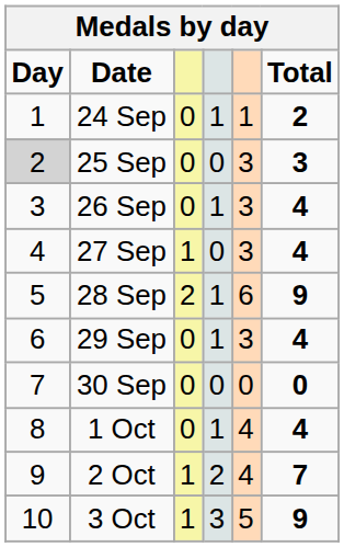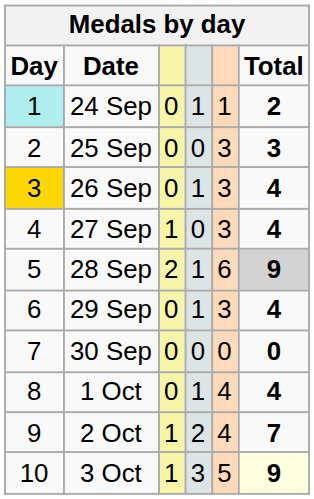 <table class=wikitable style="font-size:85%; text-align:center;float:right;clear:right;margin-left:1em;">
 <tr>
 <th colspan=7>Medals by day</th>
 </tr>
 <tr>
 <td><strong>Day</strong></td>
 <td><strong>Date</strong></td>
 <td bgcolor=F7F6A8></td>
 <td bgcolor=DCE5E5></td>
 <td bgcolor=FFDAB9></td>
 <td><strong>Total</strong></td>
 </tr>
 <tr>
-<td>1</td>
+<td style="background: paleturquoise;">1</td>
 <td>24 Sep</td>
 <td bgcolor=F7F6A8>0</td>
 <td bgcolor=DCE5E5>1</td>
 <td bgcolor=FFDAB9>1</td>
 <td><strong>2</strong></td>
 </tr>
 <tr>
-<td style="background: lightgrey;">2</td>
+<td>2</td>
 <td>25 Sep</td>
 <td bgcolor=F7F6A8>0</td>
 <td bgcolor=DCE5E5>0</td>
 <td bgcolor=FFDAB9>3</td>
 <td><strong>3</strong></td>
 </tr>
 <tr>
-<td>3</td>
+<td style="background: gold;">3</td>
 <td>26 Sep</td>
 <td bgcolor=F7F6A8>0</td>
 <td bgcolor=DCE5E5>1</td>
 <td bgcolor=FFDAB9>3</td>
 <td><strong>4</strong></td>
 </tr>
 <tr>
 <td>4</td>
 <td>27 Sep</td>
 <td bgcolor=F7F6A8>1</td>
 <td bgcolor=DCE5E5>0</td>
 <td bgcolor=FFDAB9>3</td>
 <td><strong>4</strong></td>
 </tr>
 <tr>
 <td>5</td>
 <td>28 Sep</td>
 <td bgcolor=F7F6A8>2</td>
 <td bgcolor=DCE5E5>1</td>
 <td bgcolor=FFDAB9>6</td>
-<td><strong>9</strong></td>
+<td style="background: lightgrey;"><strong>9</strong></td>
 </tr>
 <tr>
 <td>6</td>
 <td>29 Sep</td>
 <td bgcolor=F7F6A8>0</td>
 <td bgcolor=DCE5E5>1</td>
 <td bgcolor=FFDAB9>3</td>
 <td><strong>4</strong></td>
 </tr>
 <tr>
 <td>7</td>
 <td>30 Sep</td>
 <td bgcolor=F7F6A8>0</td>
 <td bgcolor=DCE5E5>0</td>
 <td bgcolor=FFDAB9>0</td>
 <td><strong>0</strong></td>
 </tr>
 <tr>
 <td>8</td>
 <td>1 Oct</td>
 <td bgcolor=F7F6A8>0</td>
 <td bgcolor=DCE5E5>1</td>
 <td bgcolor=FFDAB9>4</td>
 <td><strong>4</strong></td>
 </tr>
 <tr>
 <td>9</td>
 <td>2 Oct</td>
 <td bgcolor=F7F6A8>1</td>
 <td bgcolor=DCE5E5>2</td>
 <td bgcolor=FFDAB9>4</td>
 <td><strong>7</strong></td>
 </tr>
 <tr>
 <td>10</td>
 <td>3 Oct</td>
 <td bgcolor=F7F6A8>1</td>
 <td bgcolor=DCE5E5>3</td>
 <td bgcolor=FFDAB9>5</td>
-<td><strong>9</strong></td>
+<td style="background: lightyellow;"><strong>9</strong></td>
 </tr>
 </table>
